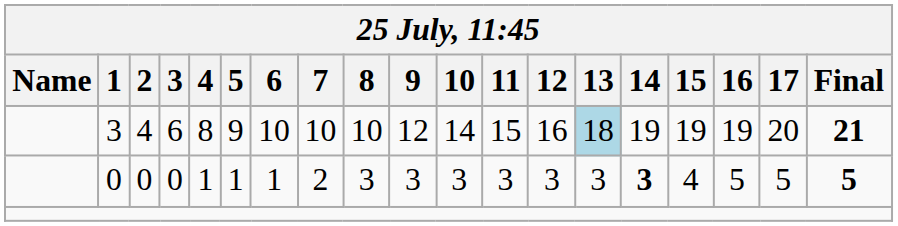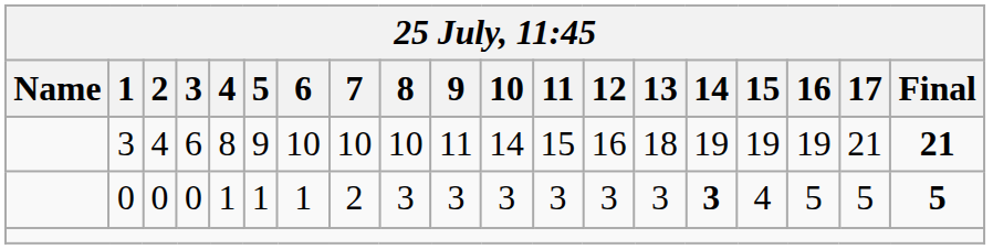 <table class=wikitable style="text-align:center; width: 55%">
 <tr>
 <th colspan=19><em>25 July, 11:45</em></th>
 </tr>
 <tr>
 <th>Name</th>
 <th>1</th>
 <th>2</th>
 <th>3</th>
 <th>4</th>
 <th>5</th>
 <th>6</th>
 <th>7</th>
 <th>8</th>
 <th>9</th>
 <th>10</th>
 <th>11</th>
 <th>12</th>
 <th>13</th>
 <th>14</th>
 <th>15</th>
 <th>16</th>
 <th>17</th>
 <th>Final</th>
 </tr>
 <tr>
 <td align=left><strong></strong></td>
 <td>3</td>
 <td>4</td>
 <td>6</td>
 <td>8</td>
 <td>9</td>
 <td>10</td>
 <td>10</td>
 <td>10</td>
-<td>12</td>
+<td>11</td>
 <td>14</td>
 <td>15</td>
 <td>16</td>
-<td style="background: lightblue;">18</td>
+<td>18</td>
 <td>19</td>
 <td>19</td>
 <td>19</td>
-<td>20</td>
+<td>21</td>
 <td><strong>21</strong></td>
 </tr>
 <tr>
 <td align=left></td>
 <td>0</td>
 <td>0</td>
 <td>0</td>
 <td>1</td>
 <td>1</td>
 <td>1</td>
 <td>2</td>
 <td>3</td>
 <td>3</td>
 <td>3</td>
 <td>3</td>
 <td>3</td>
 <td>3</td>
 <td><strong>3</strong></td>
 <td>4</td>
 <td>5</td>
 <td>5</td>
 <td><strong>5</strong></td>
 </tr>
 <tr>
 <td colspan=19></td>
 </tr>
 </table>
